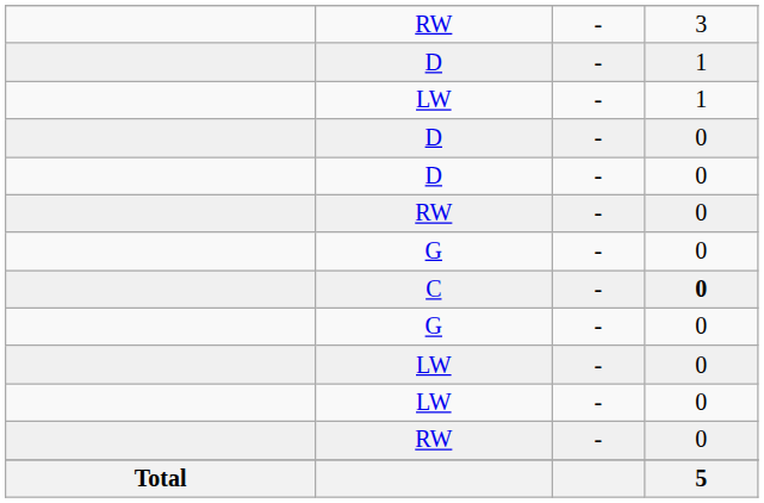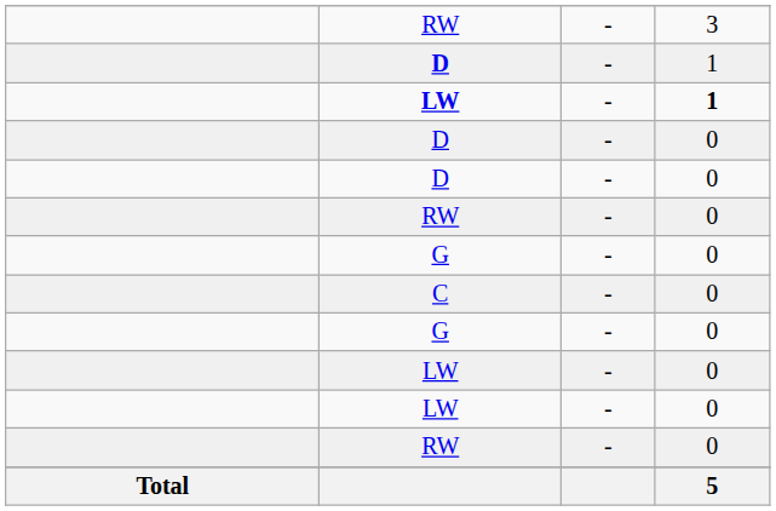 <table class="wikitable sortable" width ="40%">
 <tr align="center">
 </tr>
 <tr align="center" bgcolor="">
 <td></td>
 <td><a href='#'>RW</a></td>
 <td>-</td>
 <td>3</td>
 </tr>
 <tr align="center" bgcolor="f0f0f0">
 <td></td>
-<td><a href='#'>D</a></td>
+<td><strong><a href='#'>D</a></strong></td>
 <td>-</td>
 <td>1</td>
 </tr>
 <tr align="center" bgcolor="">
 <td></td>
-<td><a href='#'>LW</a></td>
+<td><strong><a href='#'>LW</a></strong></td>
 <td>-</td>
-<td>1</td>
+<td><strong>1</strong></td>
 </tr>
 <tr align="center" bgcolor="f0f0f0">
 <td></td>
 <td><a href='#'>D</a></td>
 <td>-</td>
 <td>0</td>
 </tr>
 <tr align="center" bgcolor="">
 <td></td>
 <td><a href='#'>D</a></td>
 <td>-</td>
 <td>0</td>
 </tr>
 <tr align="center" bgcolor="f0f0f0">
 <td></td>
 <td><a href='#'>RW</a></td>
 <td>-</td>
 <td>0</td>
 </tr>
 <tr align="center" bgcolor="">
 <td></td>
 <td><a href='#'>G</a></td>
 <td>-</td>
 <td>0</td>
 </tr>
 <tr align="center" bgcolor="f0f0f0">
 <td></td>
 <td><a href='#'>C</a></td>
 <td>-</td>
-<td><strong>0</strong></td>
+<td>0</td>
 </tr>
 <tr align="center" bgcolor="">
 <td></td>
 <td><a href='#'>G</a></td>
 <td>-</td>
 <td>0</td>
 </tr>
 <tr align="center" bgcolor="f0f0f0">
 <td></td>
 <td><a href='#'>LW</a></td>
 <td>-</td>
 <td>0</td>
 </tr>
 <tr align="center" bgcolor="">
 <td></td>
 <td><a href='#'>LW</a></td>
 <td>-</td>
 <td>0</td>
 </tr>
 <tr align="center" bgcolor="f0f0f0">
 <td></td>
 <td><a href='#'>RW</a></td>
 <td>-</td>
 <td>0</td>
 </tr>
 <tr align="center" bgcolor="">
 </tr>
 <tr>
 <th>Total</th>
 <th></th>
 <th></th>
 <th>5</th>
 </tr>
 </table>
